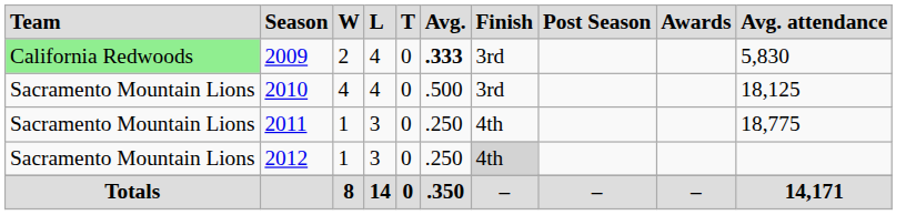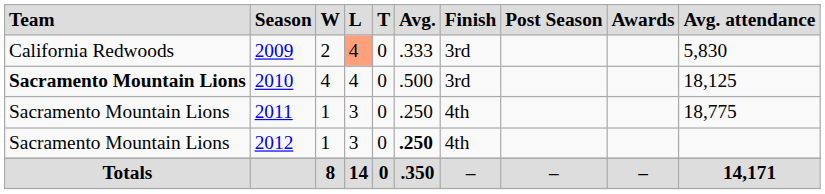 <table class="wikitable">
 <tr style="font-weight:bold; background-color:#dddddd;" |>
 <td>Team</td>
 <td>Season</td>
 <td>W</td>
 <td>L</td>
 <td>T</td>
 <td>Avg.</td>
 <td>Finish</td>
 <td>Post Season</td>
 <td>Awards</td>
 <td>Avg. attendance</td>
 </tr>
 <tr>
-<td style="background: lightgreen;">California Redwoods</td>
+<td>California Redwoods</td>
 <td><a href='#'>2009</a></td>
 <td>2</td>
-<td>4</td>
+<td style="background: lightsalmon;">4</td>
 <td>0</td>
-<td><strong>.333</strong></td>
+<td>.333</td>
 <td>3rd</td>
 <td></td>
 <td></td>
 <td>5,830</td>
 </tr>
 <tr>
-<td>Sacramento Mountain Lions</td>
+<td><strong>Sacramento Mountain Lions</strong></td>
 <td><a href='#'>2010</a></td>
 <td>4</td>
 <td>4</td>
 <td>0</td>
 <td>.500</td>
 <td>3rd</td>
 <td></td>
 <td></td>
 <td>18,125</td>
 </tr>
 <tr>
 <td>Sacramento Mountain Lions</td>
 <td><a href='#'>2011</a></td>
 <td>1</td>
 <td>3</td>
 <td>0</td>
 <td>.250</td>
 <td>4th</td>
 <td></td>
 <td></td>
 <td>18,775</td>
 </tr>
 <tr>
 <td>Sacramento Mountain Lions</td>
 <td><a href='#'>2012</a></td>
 <td>1</td>
 <td>3</td>
 <td>0</td>
-<td>.250</td>
-<td style="background: lightgrey;">4th</td>
+<td><strong>.250</strong></td>
+<td>4th</td>
 <td></td>
 <td></td>
 <td></td>
 </tr>
 <tr bgcolor="#eeeeee">
 </tr>
 <tr align="center" style="font-weight:bold; background-color:#dddddd;" |>
 <td>Totals</td>
 <td></td>
 <td>8</td>
 <td>14</td>
 <td>0</td>
 <td>.350</td>
 <td>–</td>
 <td>–</td>
 <td>–</td>
 <td>14,171</td>
 </tr>
 </table>
